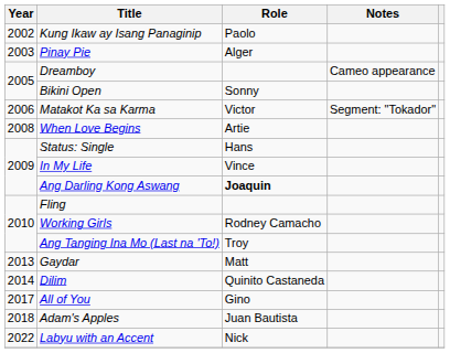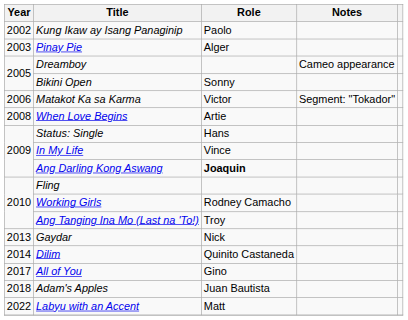 <table class="wikitable sortable" >
 <tr>
 <th>Year</th>
 <th>Title</th>
 <th>Role</th>
 <th class="unsortable">Notes </th>
 <th class="unsortable"> </th>
 </tr>
 <tr>
 <td>2002</td>
 <td><em>Kung Ikaw ay Isang Panaginip</em></td>
 <td>Paolo</td>
 <td></td>
 <td></td>
 </tr>
 <tr>
 <td>2003</td>
 <td><em><a href='#'>Pinay Pie</a></em></td>
 <td>Alger</td>
 <td></td>
 <td></td>
 </tr>
 <tr>
 <td rowspan="2">2005</td>
 <td><em>Dreamboy</em></td>
 <td></td>
 <td>Cameo appearance</td>
 <td></td>
 </tr>
 <tr>
 <td><em>Bikini Open</em></td>
 <td>Sonny</td>
 <td></td>
 <td></td>
 </tr>
 <tr>
 <td>2006</td>
 <td><em>Matakot Ka sa Karma</em></td>
 <td>Victor</td>
 <td>Segment: "Tokador"</td>
 <td></td>
 </tr>
 <tr>
 <td>2008</td>
 <td><em><a href='#'>When Love Begins</a></em></td>
 <td>Artie</td>
 <td></td>
 <td></td>
 </tr>
 <tr>
 <td rowspan="3">2009</td>
 <td><em>Status: Single</em></td>
 <td>Hans</td>
 <td></td>
 <td></td>
 </tr>
 <tr>
 <td><em><a href='#'>In My Life</a></em></td>
 <td>Vince</td>
 <td></td>
 <td></td>
 </tr>
 <tr>
 <td><em><a href='#'>Ang Darling Kong Aswang</a></em></td>
 <td><strong>Joaquin</strong></td>
 <td></td>
 <td></td>
 </tr>
 <tr>
 <td rowspan="3">2010</td>
 <td><em>Fling</em></td>
 <td></td>
 <td></td>
 <td></td>
 </tr>
 <tr>
 <td><em><a href='#'>Working Girls</a></em></td>
 <td>Rodney Camacho</td>
 <td></td>
 <td></td>
 </tr>
 <tr>
 <td><em><a href='#'>Ang Tanging Ina Mo (Last na 'To!)</a></em></td>
 <td>Troy</td>
 <td></td>
 <td></td>
 </tr>
 <tr>
 <td>2013</td>
 <td><em>Gaydar</em></td>
-<td>Matt</td>
+<td>Nick</td>
 <td></td>
 <td></td>
 </tr>
 <tr>
 <td>2014</td>
 <td><em><a href='#'>Dilim</a></em></td>
 <td>Quinito Castaneda</td>
 <td></td>
 <td></td>
 </tr>
 <tr>
 <td>2017</td>
 <td><em><a href='#'>All of You</a></em></td>
 <td>Gino</td>
 <td></td>
 <td></td>
 </tr>
 <tr>
 <td>2018</td>
 <td><em>Adam's Apples</em></td>
 <td>Juan Bautista</td>
 <td></td>
 <td></td>
 </tr>
 <tr>
 <td>2022</td>
 <td><em><a href='#'>Labyu with an Accent</a></em></td>
-<td>Nick</td>
+<td>Matt</td>
 <td></td>
 <td></td>
 </tr>
 <tr>
 </tr>
 </table>
